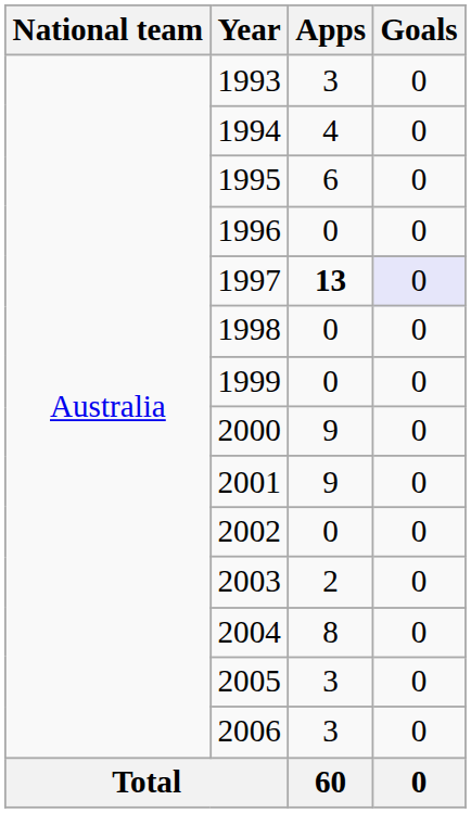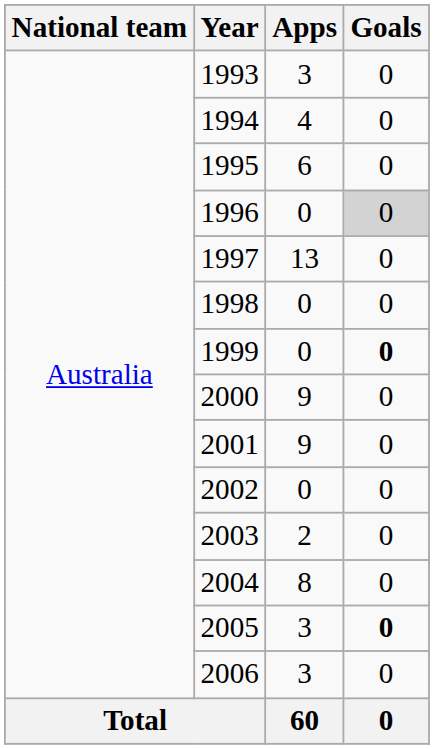 <table class="wikitable" style="text-align:center">
 <tr>
 <th>National team</th>
 <th>Year</th>
 <th>Apps</th>
 <th>Goals</th>
 </tr>
 <tr>
 <td rowspan="14"><a href='#'>Australia</a></td>
 <td>1993</td>
 <td>3</td>
 <td>0</td>
 </tr>
 <tr>
 <td>1994</td>
 <td>4</td>
 <td>0</td>
 </tr>
 <tr>
 <td>1995</td>
 <td>6</td>
 <td>0</td>
 </tr>
 <tr>
 <td>1996</td>
 <td>0</td>
-<td>0</td>
+<td style="background: lightgrey;">0</td>
 </tr>
 <tr>
 <td>1997</td>
-<td><strong>13</strong></td>
-<td style="background: lavender;">0</td>
+<td>13</td>
+<td>0</td>
 </tr>
 <tr>
 <td>1998</td>
 <td>0</td>
 <td>0</td>
 </tr>
 <tr>
 <td>1999</td>
 <td>0</td>
-<td>0</td>
+<td><strong>0</strong></td>
 </tr>
 <tr>
 <td>2000</td>
 <td>9</td>
 <td>0</td>
 </tr>
 <tr>
 <td>2001</td>
 <td>9</td>
 <td>0</td>
 </tr>
 <tr>
 <td>2002</td>
 <td>0</td>
 <td>0</td>
 </tr>
 <tr>
 <td>2003</td>
 <td>2</td>
 <td>0</td>
 </tr>
 <tr>
 <td>2004</td>
 <td>8</td>
 <td>0</td>
 </tr>
 <tr>
 <td>2005</td>
 <td>3</td>
-<td>0</td>
+<td><strong>0</strong></td>
 </tr>
 <tr>
 <td>2006</td>
 <td>3</td>
 <td>0</td>
 </tr>
 <tr>
 <th colspan="2">Total</th>
 <th>60</th>
 <th>0</th>
 </tr>
 </table>
